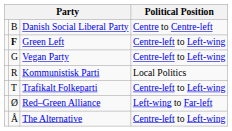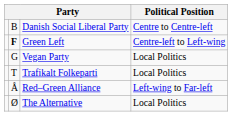 <table class="wikitable mw-collapsible mw-collapsed">
 <tr>
 <th colspan="3">Party</th>
 <th>Political Position</th>
 </tr>
 <tr>
 <td></td>
 <td>B</td>
 <td><a href='#'>Danish Social Liberal Party</a></td>
 <td><a href='#'>Centre</a> to <a href='#'>Centre-left</a></td>
 </tr>
 <tr>
 <td></td>
 <td><strong>F</strong></td>
 <td><a href='#'>Green Left</a></td>
 <td><a href='#'>Centre-left</a> to <a href='#'>Left-wing</a></td>
 </tr>
 <tr>
 <td></td>
 <td>G</td>
 <td><a href='#'>Vegan Party</a></td>
-<td><a href='#'>Centre-left</a> to <a href='#'>Left-wing</a></td>
-</tr>
-<tr>
-<td></td>
-<td>R</td>
-<td><a href='#'>Kommunistisk Parti</a></td>
 <td>Local Politics</td>
 </tr>
 <tr>
 <td></td>
 <td>T</td>
 <td><a href='#'>Trafikalt Folkeparti</a></td>
-<td><a href='#'>Centre-left</a> to <a href='#'>Left-wing</a></td>
+<td>Local Politics</td>
 </tr>
 <tr>
 <td></td>
-<td>Ø</td>
+<td>Å</td>
 <td><a href='#'>Red–Green Alliance</a></td>
 <td><a href='#'>Left-wing</a> to <a href='#'>Far-left</a></td>
 </tr>
 <tr>
 <td></td>
-<td>Å</td>
+<td>Ø</td>
 <td><a href='#'>The Alternative</a></td>
-<td><a href='#'>Centre-left</a> to <a href='#'>Left-wing</a></td>
+<td>Local Politics</td>
 </tr>
 </table>
